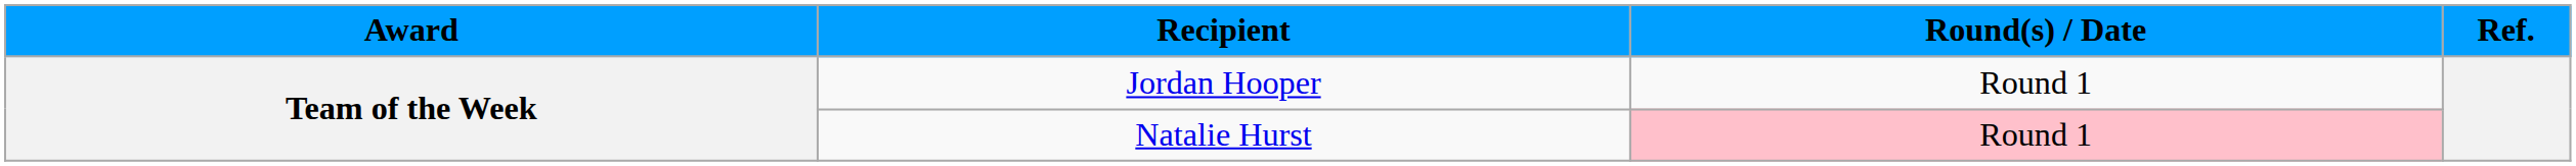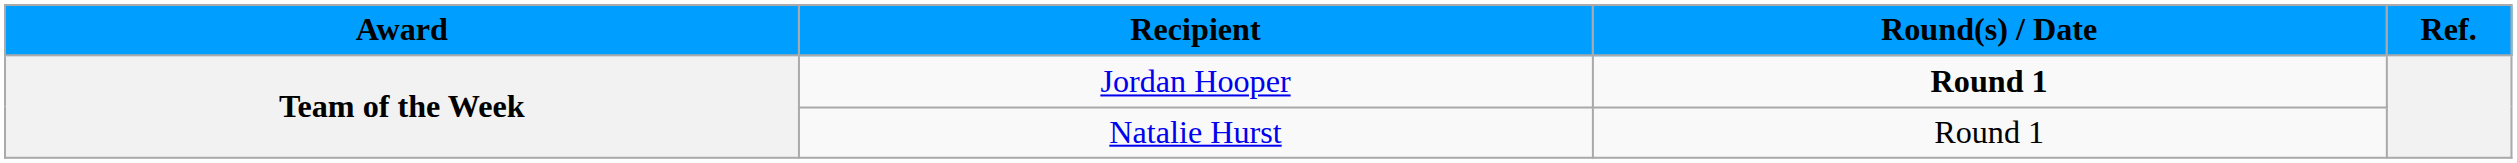 <table class="wikitable sortable sortable" style="text-align: center">
 <tr>
 <th style="background: #009FFF" width="10%"><span>Award</span></th>
 <th style="background: #009FFF" width="10%"><span>Recipient</span></th>
 <th style="background: #009FFF" width="10%"><span>Round(s) / Date</span></th>
 <th style="background: #009FFF" width="1%" class="unsortable"><span>Ref.</span></th>
 </tr>
 <tr>
 <th rowspan=2>Team of the Week</th>
 <td><a href='#'>Jordan Hooper</a></td>
-<td>Round 1</td>
+<td><strong>Round 1</strong></td>
 <th rowspan=2></th>
 </tr>
 <tr>
 <td><a href='#'>Natalie Hurst</a></td>
-<td style="background: pink;">Round 1</td>
+<td>Round 1</td>
 </tr>
 </table>
